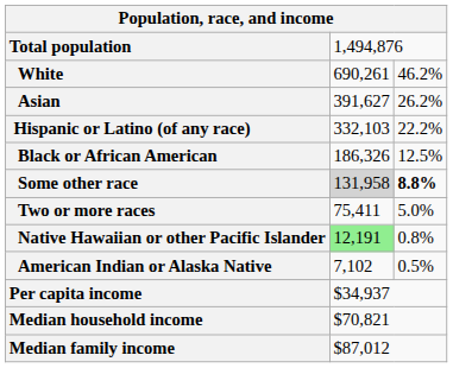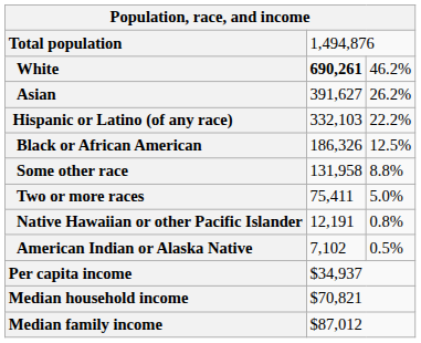 <table class="wikitable sortable collapsible collapsed">
 <tr>
 <th colspan="6">Population, race, and income</th>
 </tr>
 <tr>
 <th scope="row" style="text-align: left;">Total population</th>
 <td colspan="2">1,494,876</td>
 </tr>
 <tr>
 <th scope="row" style="text-align: left;">  White</th>
-<td>690,261</td>
+<td><strong>690,261</strong></td>
 <td>46.2%</td>
 </tr>
 <tr>
 <th scope="row" style="text-align: left;">  Asian</th>
 <td>391,627</td>
 <td>26.2%</td>
 </tr>
 <tr>
 <th scope="row" style="text-align: left;"> Hispanic or Latino (of any race)</th>
 <td>332,103</td>
 <td>22.2%</td>
 </tr>
 <tr>
 <th scope="row" style="text-align: left;">  Black or African American</th>
 <td>186,326</td>
 <td>12.5%</td>
 </tr>
 <tr>
 <th scope="row" style="text-align: left;">  Some other race</th>
-<td style="background: lightgrey;">131,958</td>
-<td><strong>8.8%</strong></td>
+<td>131,958</td>
+<td>8.8%</td>
 </tr>
 <tr>
 <th scope="row" style="text-align: left;">  Two or more races</th>
 <td>75,411</td>
 <td>5.0%</td>
 </tr>
 <tr>
 <th scope="row" style="text-align: left;">  Native Hawaiian or other Pacific Islander</th>
-<td style="background: lightgreen;">12,191</td>
+<td>12,191</td>
 <td>0.8%</td>
 </tr>
 <tr>
 <th scope="row" style="text-align: left;">  American Indian or Alaska Native</th>
 <td>7,102</td>
 <td>0.5%</td>
 </tr>
 <tr>
 <th scope="row" style="text-align: left;">Per capita income</th>
 <td colspan="2">$34,937</td>
 </tr>
 <tr>
 <th scope="row" style="text-align: left;">Median household income</th>
 <td colspan="2">$70,821</td>
 </tr>
 <tr>
 <th scope="row" style="text-align: left;">Median family income</th>
 <td colspan="2">$87,012</td>
 </tr>
 </table>
